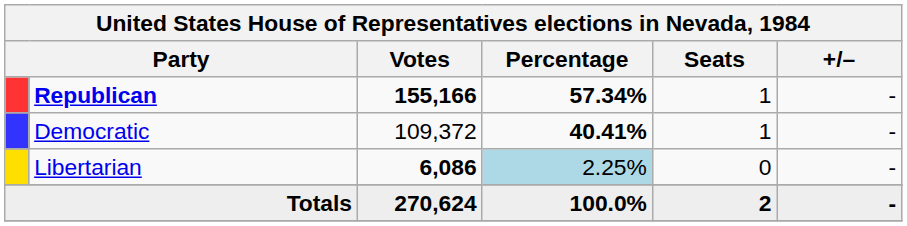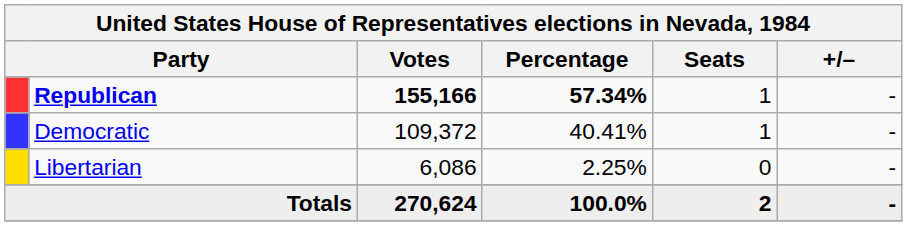 <table class="wikitable" style="font-size: 95%;">
 <tr>
 <th colspan="6">United States House of Representatives elections in Nevada, 1984</th>
 </tr>
 <tr>
 <th colspan=2 style="width: 15em">Party</th>
 <th style="width: 5em">Votes</th>
 <th style="width: 7em">Percentage</th>
 <th style="width: 5em">Seats</th>
 <th style="width: 5em">+/–</th>
 </tr>
 <tr>
 <th style="background-color:#FF3333; width: 3px"></th>
 <td style="width: 130px"><strong><a href='#'>Republican</a></strong></td>
 <td align="right"><strong>155,166</strong></td>
 <td align="right"><strong>57.34%</strong></td>
 <td align="right">1</td>
 <td align="right">-</td>
 </tr>
 <tr>
 <th style="background-color:#3333FF; width: 3px"></th>
 <td style="width: 130px"><a href='#'>Democratic</a></td>
 <td align="right">109,372</td>
-<td align="right"><strong>40.41%</strong></td>
+<td align="right">40.41%</td>
 <td align="right">1</td>
 <td align="right">-</td>
 </tr>
 <tr>
 <th style="background-color:#FFDF00; width: 3px"></th>
 <td style="width: 130px"><a href='#'>Libertarian</a></td>
-<td align="right"><strong>6,086</strong></td>
-<td align="right" style="background: lightblue;">2.25%</td>
+<td align="right">6,086</td>
+<td align="right">2.25%</td>
 <td align="right">0</td>
 <td align="right">-</td>
 </tr>
 <tr>
 </tr>
 <tr bgcolor="#EEEEEE">
 <td colspan="2" align="right"><strong>Totals</strong></td>
 <td align="right"><strong>270,624</strong></td>
 <td align="right"><strong>100.0%</strong></td>
 <td align="right"><strong>2</strong></td>
 <td align="right"><strong>-</strong></td>
 </tr>
 <tr bgcolor="#EEEEEE">
 </tr>
 </table>
